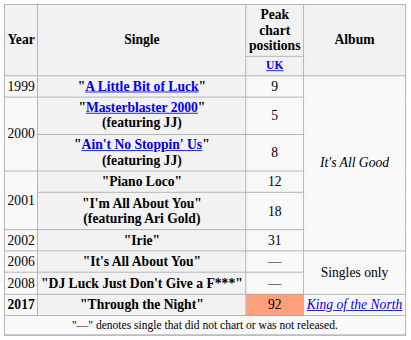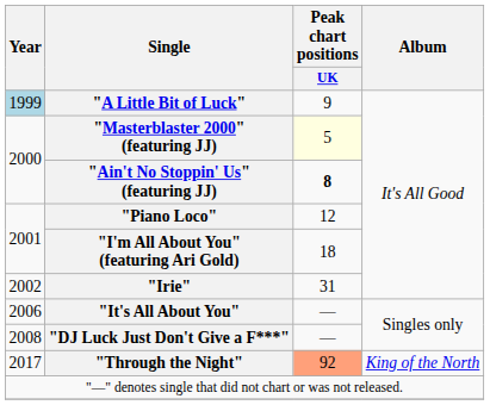 <table class="wikitable plainrowheaders" style="text-align:center;">
 <tr>
 <th scope="col" rowspan="2">Year</th>
 <th scope="col" rowspan="2">Single</th>
 <th scope="col" colspan="1">Peak chart positions</th>
 <th scope="col" rowspan="2">Album</th>
 </tr>
 <tr>
 <th scope="col" style="width:3em;font-size:85%;"><a href='#'>UK</a><br></th>
 </tr>
 <tr>
-<td>1999</td>
+<td style="background: lightblue;">1999</td>
 <th scope="row">"<a href='#'>A Little Bit of Luck</a>"</th>
 <td>9</td>
 <td rowspan="6"><em>It's All Good</em></td>
 </tr>
 <tr>
 <td rowspan=2>2000</td>
 <th scope="row">"<a href='#'>Masterblaster 2000</a>"<br><span>(featuring JJ)</span></th>
-<td>5</td>
+<td style="background: lightyellow;">5</td>
 </tr>
 <tr>
 <th scope="row">"<a href='#'>Ain't No Stoppin' Us</a>"<br><span>(featuring JJ)</span></th>
-<td>8</td>
+<td><strong>8</strong></td>
 </tr>
 <tr>
 <td rowspan=2>2001</td>
 <th scope="row">"Piano Loco"</th>
 <td>12</td>
 </tr>
 <tr>
 <th scope="row">"I'm All About You"<br><span>(featuring Ari Gold)</span></th>
 <td>18</td>
 </tr>
 <tr>
 <td>2002</td>
 <th scope="row">"Irie"</th>
 <td>31</td>
 </tr>
 <tr>
 <td>2006</td>
 <th scope="row">"It's All About You"</th>
 <td>—</td>
 <td rowspan="2">Singles only</td>
 </tr>
 <tr>
 <td>2008</td>
 <th scope="row">"DJ Luck Just Don't Give a F***"</th>
 <td>—</td>
 </tr>
 <tr>
-<td><strong>2017</strong></td>
+<td>2017</td>
 <th scope="row">"Through the Night"<br></th>
 <td style="background: lightsalmon;">92</td>
 <td><em><a href='#'>King of the North</a></em></td>
 </tr>
 <tr>
 <td colspan="18" style="font-size:85%">"—" denotes single that did not chart or was not released.</td>
 </tr>
 <tr>
 </tr>
 </table>
